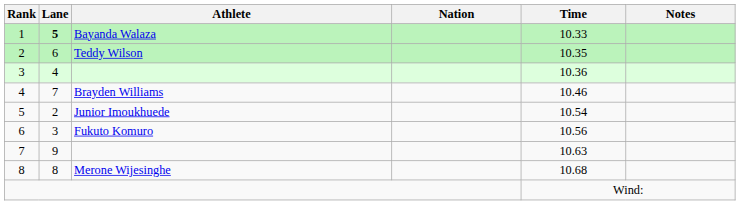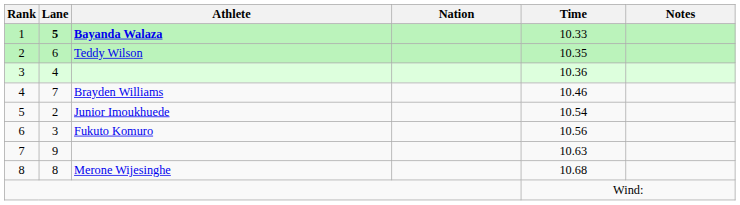 <table class="wikitable sortable" style="text-align:center;width: 60%;">
 <tr>
 <th scope="col" style="width: 10px;">Rank</th>
 <th scope="col" style="width: 10px;">Lane</th>
 <th scope="col">Athlete</th>
 <th scope="col">Nation</th>
 <th scope="col">Time</th>
 <th scope="col">Notes</th>
 </tr>
 <tr bgcolor=bbf3bb>
 <td>1</td>
 <td><strong>5</strong></td>
-<td align=left><a href='#'>Bayanda Walaza</a></td>
+<td align=left><strong><a href='#'>Bayanda Walaza</a></strong></td>
 <td align=left></td>
 <td>10.33</td>
 <td></td>
 </tr>
 <tr bgcolor=bbf3bb>
 <td>2</td>
 <td>6</td>
 <td align=left><a href='#'>Teddy Wilson</a></td>
 <td align=left></td>
 <td>10.35</td>
 <td></td>
 </tr>
 <tr bgcolor=ddffdd>
 <td>3</td>
 <td>4</td>
 <td align=left></td>
 <td align=left></td>
 <td>10.36</td>
 <td></td>
 </tr>
 <tr>
 <td>4</td>
 <td>7</td>
 <td align=left><a href='#'>Brayden Williams</a></td>
 <td align=left></td>
 <td>10.46</td>
 <td></td>
 </tr>
 <tr>
 <td>5</td>
 <td>2</td>
 <td align=left><a href='#'>Junior Imoukhuede</a></td>
 <td align=left></td>
 <td>10.54</td>
 <td></td>
 </tr>
 <tr>
 <td>6</td>
 <td>3</td>
 <td align=left><a href='#'>Fukuto Komuro</a></td>
 <td align=left></td>
 <td>10.56</td>
 <td></td>
 </tr>
 <tr>
 <td>7</td>
 <td>9</td>
 <td align=left></td>
 <td align=left></td>
 <td>10.63</td>
 <td></td>
 </tr>
 <tr>
 <td>8</td>
 <td>8</td>
 <td align=left><a href='#'>Merone Wijesinghe</a></td>
 <td align=left></td>
 <td>10.68</td>
 <td></td>
 </tr>
 <tr class="sortbottom">
 <td colspan="4"></td>
 <td colspan="2">Wind: </td>
 </tr>
 </table>
